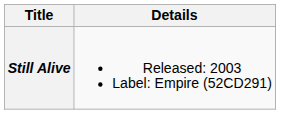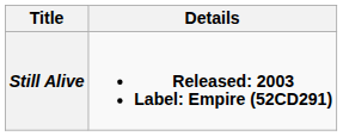 <table class="wikitable plainrowheaders" style="text-align:center">
 <tr>
 <th scope="col">Title</th>
 <th scope="col">Details</th>
 </tr>
 <tr>
 <th scope="row"><em>Still Alive</em></th>
-<td><br><ul><li>Released: 2003</li><li>Label: Empire (52CD291)</li></ul></td>
+<td><strong><br><ul><li>Released: 2003</li><li>Label: Empire (52CD291)</li></ul></strong></td>
 </tr>
 </table>
